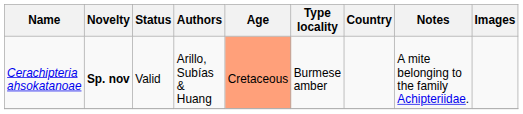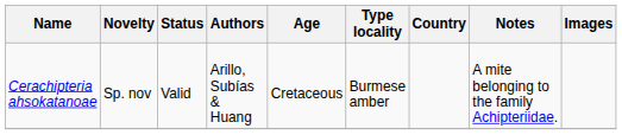 <table class="wikitable sortable" align="center" width="75%">
 <tr>
 <th>Name</th>
 <th>Novelty</th>
 <th>Status</th>
 <th>Authors</th>
 <th>Age</th>
 <th>Type locality</th>
 <th>Country</th>
 <th>Notes</th>
 <th>Images</th>
 </tr>
 <tr>
 <td><br><em><a href='#'>Cerachipteria ahsokatanoae</a></em></td>
-<td><strong><br>Sp. nov</strong></td>
+<td><br>Sp. nov</td>
 <td><br>Valid</td>
 <td><br>Arillo, Subías & Huang</td>
-<td style="background: lightsalmon;"><br>Cretaceous</td>
+<td><br>Cretaceous</td>
 <td><br>Burmese amber</td>
 <td><br></td>
 <td><br>A mite belonging to the family <a href='#'>Achipteriidae</a>.</td>
 <td></td>
 </tr>
 <tr>
 </tr>
 </table>
